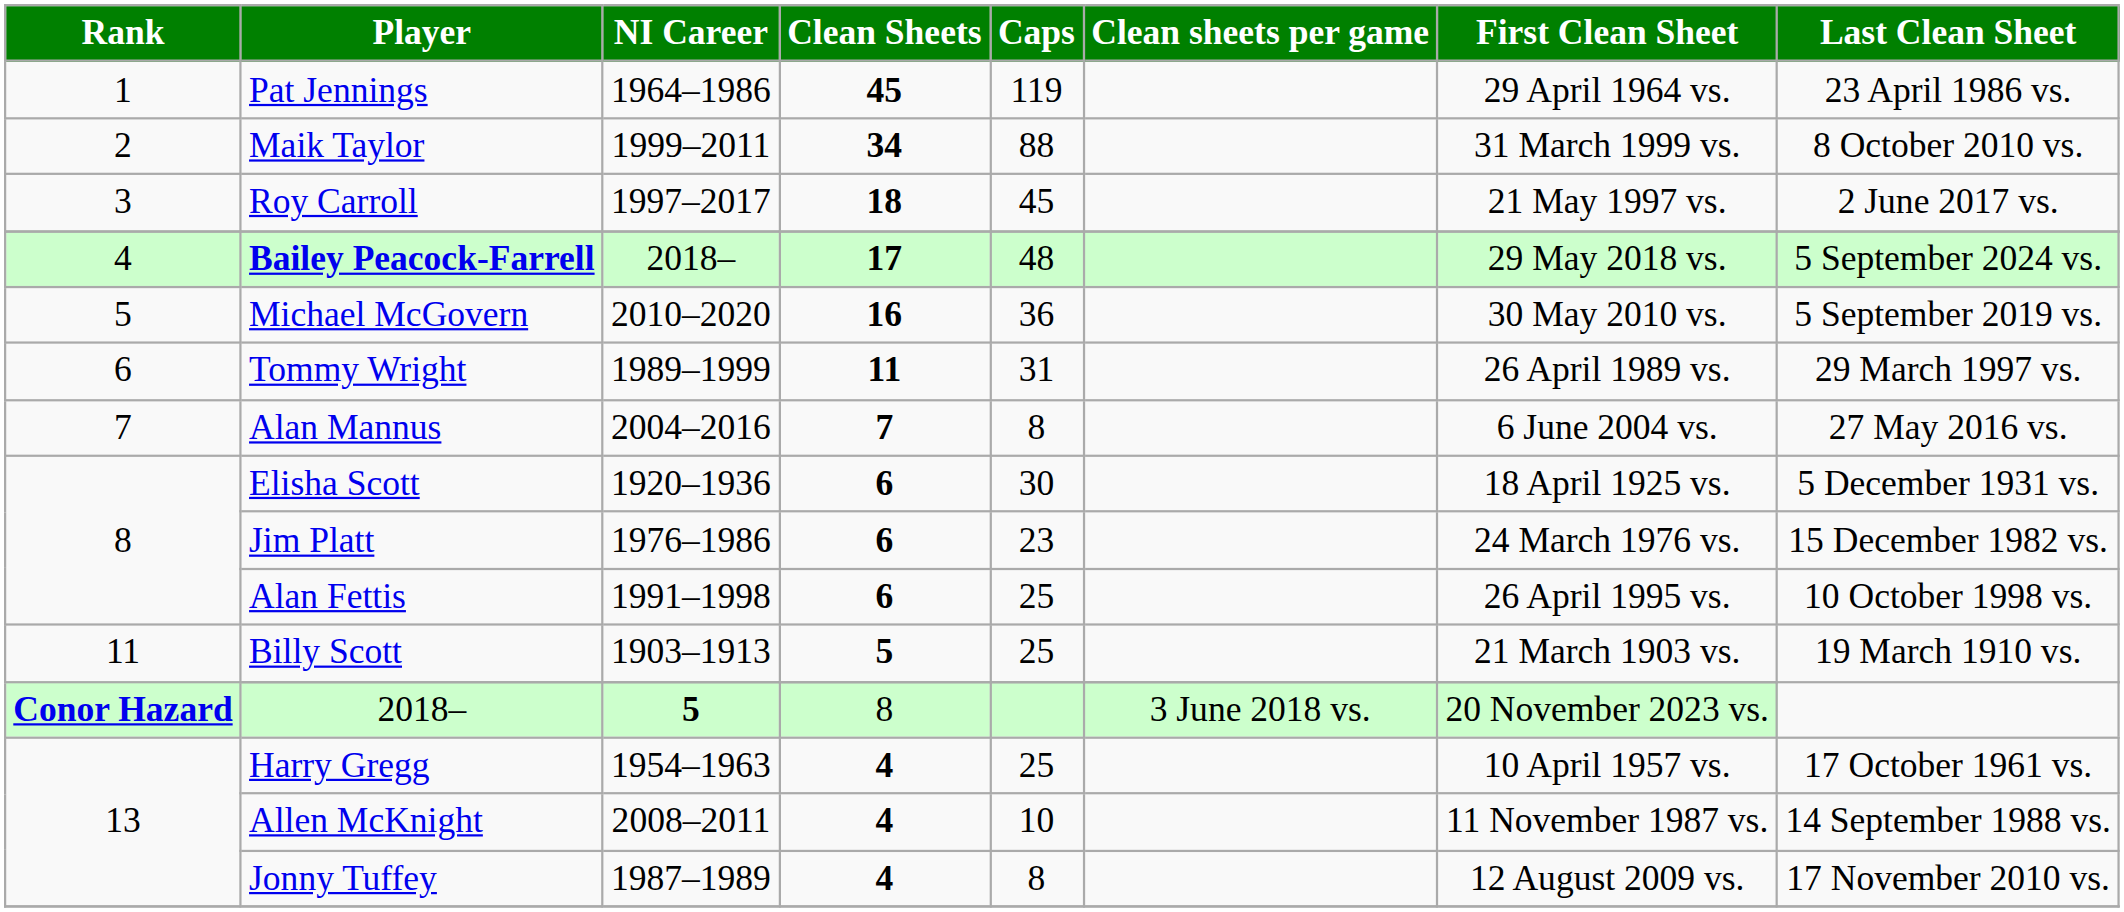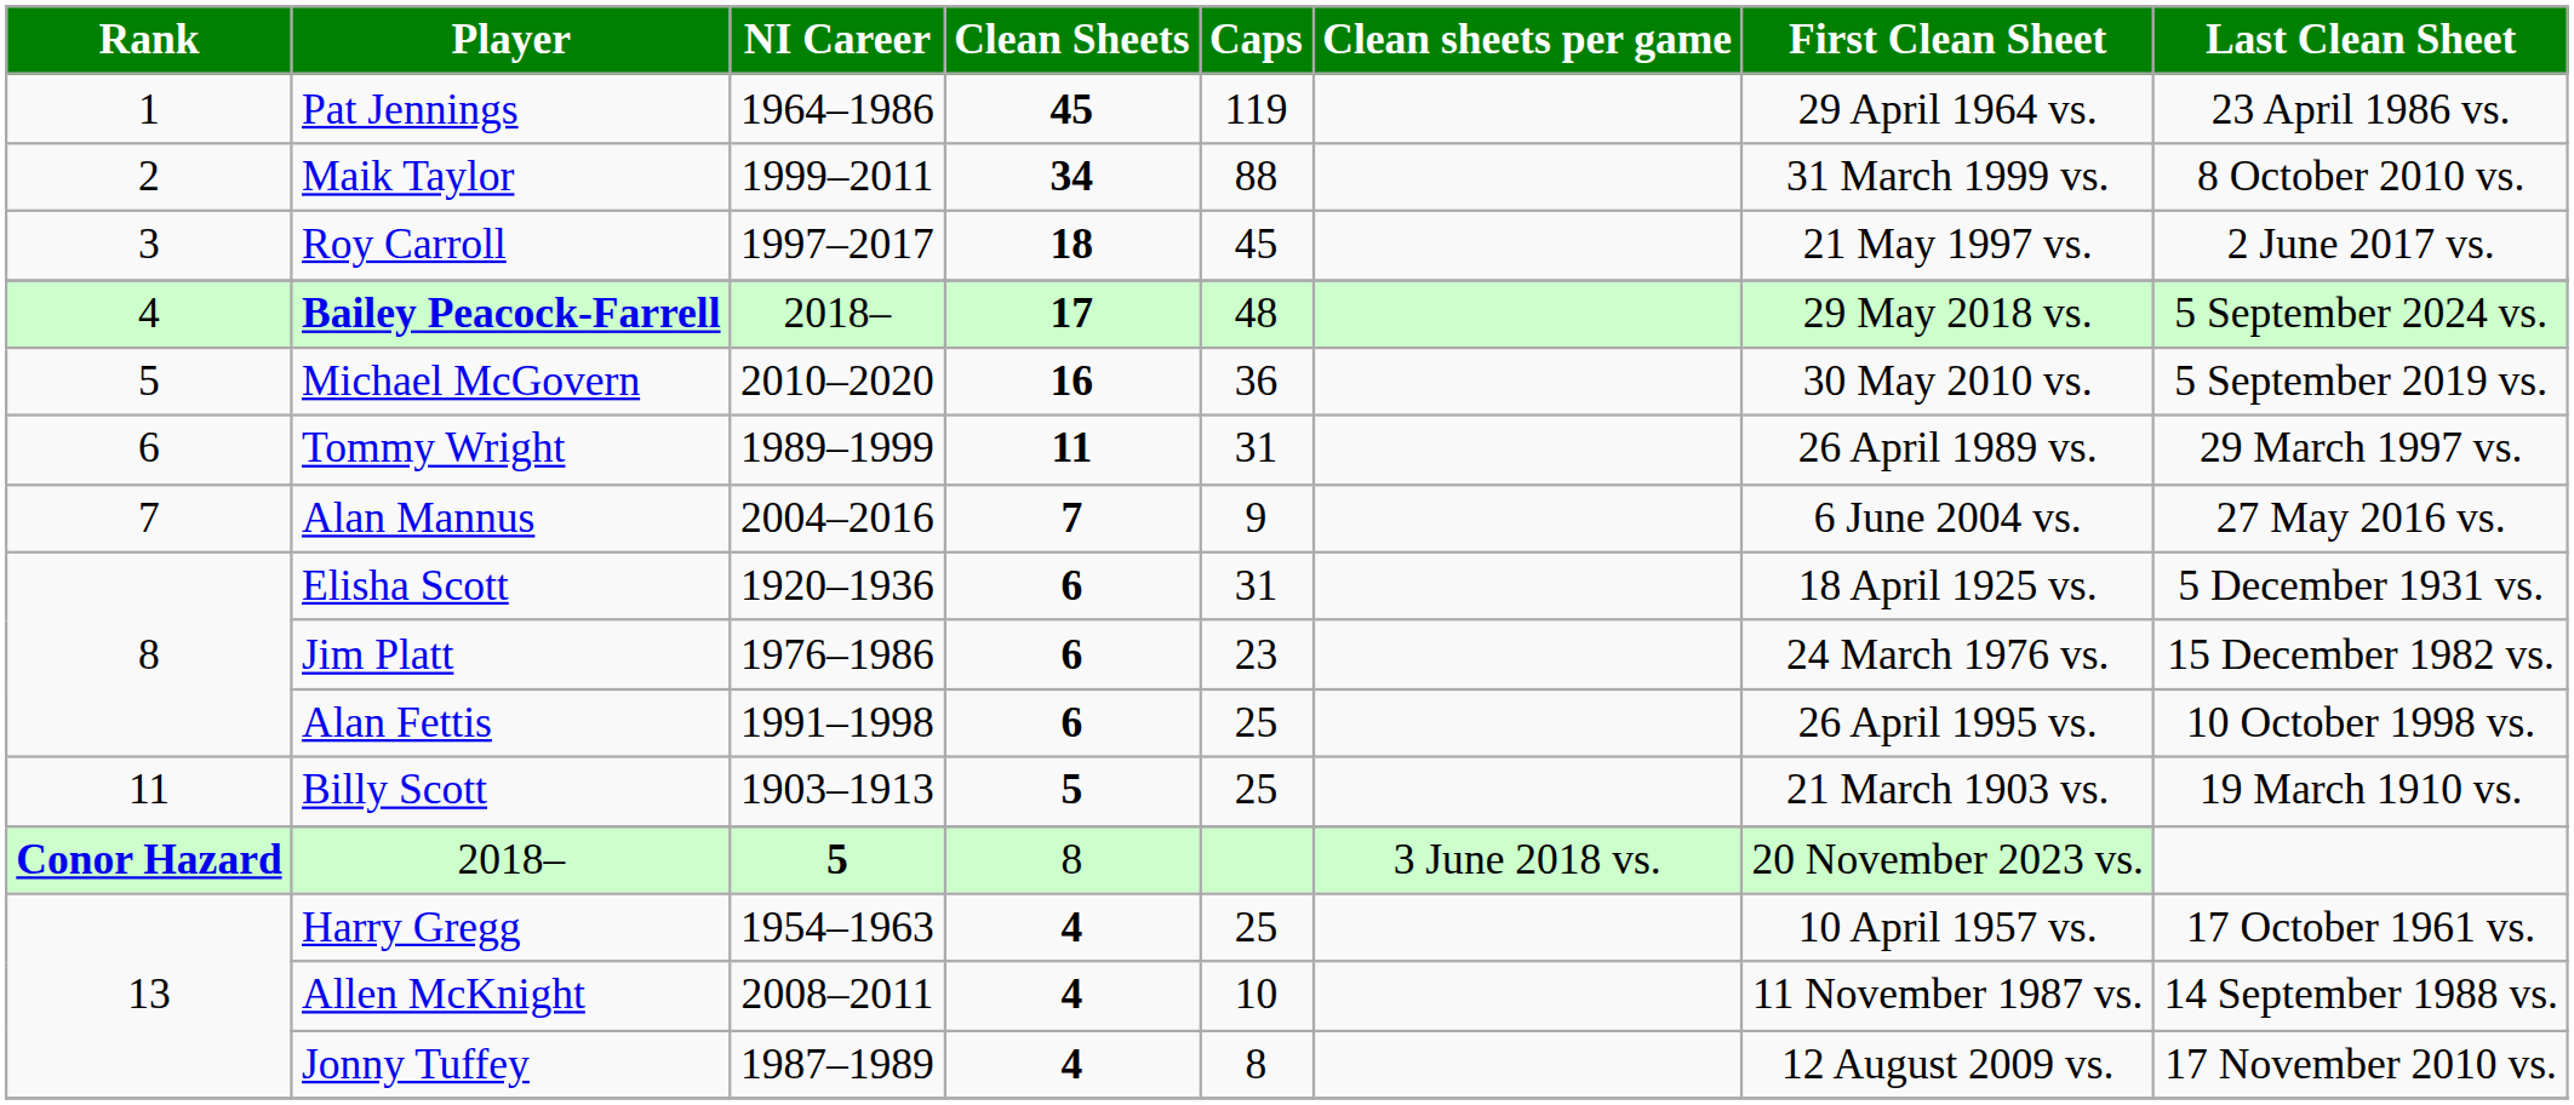 <table class="wikitable sortable" style="text-align:center;">
 <tr>
 <th style="background-color:#008000; color:white; ">Rank</th>
 <th style="background-color:#008000; color:white; ">Player</th>
 <th style="background-color:#008000; color:white; ">NI Career</th>
 <th style="background-color:#008000; color:white; ">Clean Sheets</th>
 <th style="background-color:#008000; color:white; ">Caps</th>
 <th style="background-color:#008000; color:white; ">Clean sheets per game</th>
 <th style="background-color:#008000; color:white; ">First Clean Sheet</th>
 <th style="background-color:#008000; color:white; ">Last Clean Sheet</th>
 </tr>
 <tr>
 <td>1</td>
 <td style="text-align:left;"><a href='#'>Pat Jennings</a></td>
 <td>1964–1986</td>
 <td><strong>45</strong></td>
 <td>119</td>
 <td></td>
 <td>29 April 1964 vs. </td>
 <td>23 April 1986 vs. </td>
 </tr>
 <tr>
 <td>2</td>
 <td style="text-align:left;"><a href='#'>Maik Taylor</a></td>
 <td>1999–2011</td>
 <td><strong>34</strong></td>
 <td>88</td>
 <td></td>
 <td>31 March 1999 vs. </td>
 <td>8 October 2010 vs. </td>
 </tr>
 <tr>
 <td>3</td>
 <td style="text-align:left;"><a href='#'>Roy Carroll</a></td>
 <td>1997–2017</td>
 <td><strong>18</strong></td>
 <td>45</td>
 <td></td>
 <td>21 May 1997 vs. </td>
 <td>2 June 2017 vs. </td>
 </tr>
 <tr>
 </tr>
 <tr style="background:#CFC;">
 <td>4</td>
 <td style="text-align:left;"><strong><a href='#'>Bailey Peacock-Farrell</a></strong></td>
 <td>2018–</td>
 <td><strong>17</strong></td>
 <td>48</td>
 <td></td>
 <td>29 May 2018 vs. </td>
 <td>5 September 2024 vs. </td>
 </tr>
 <tr>
 <td>5</td>
 <td style="text-align:left;"><a href='#'>Michael McGovern</a></td>
 <td>2010–2020</td>
 <td><strong>16</strong></td>
 <td>36</td>
 <td></td>
 <td>30 May 2010 vs. </td>
 <td>5 September 2019 vs. </td>
 </tr>
 <tr>
 <td>6</td>
 <td style="text-align:left;"><a href='#'>Tommy Wright</a></td>
 <td>1989–1999</td>
 <td><strong>11</strong></td>
 <td>31</td>
 <td></td>
 <td>26 April 1989 vs. </td>
 <td>29 March 1997 vs. </td>
 </tr>
 <tr>
 <td>7</td>
 <td style="text-align:left;"><a href='#'>Alan Mannus</a></td>
 <td>2004–2016</td>
 <td><strong>7</strong></td>
-<td>8</td>
+<td>9</td>
 <td></td>
 <td>6 June 2004 vs. </td>
 <td>27 May 2016 vs. </td>
 </tr>
 <tr>
 <td rowspan="3">8</td>
 <td style="text-align:left;"><a href='#'>Elisha Scott</a></td>
 <td>1920–1936</td>
 <td><strong>6</strong></td>
-<td>30</td>
+<td>31</td>
 <td></td>
 <td>18 April 1925 vs. </td>
 <td>5 December 1931 vs. </td>
 </tr>
 <tr>
 <td style="text-align:left;"><a href='#'>Jim Platt</a></td>
 <td>1976–1986</td>
 <td><strong>6</strong></td>
 <td>23</td>
 <td></td>
 <td>24 March 1976 vs. </td>
 <td>15 December 1982 vs. </td>
 </tr>
 <tr>
 <td style="text-align:left;"><a href='#'>Alan Fettis</a></td>
 <td>1991–1998</td>
 <td><strong>6</strong></td>
 <td>25</td>
 <td></td>
 <td>26 April 1995 vs. </td>
 <td>10 October 1998 vs. </td>
 </tr>
 <tr>
 <td rowspan="2">11</td>
 <td style="text-align:left;"><a href='#'>Billy Scott</a></td>
 <td>1903–1913</td>
 <td><strong>5</strong></td>
 <td>25</td>
 <td></td>
 <td>21 March 1903 vs. </td>
 <td>19 March 1910 vs. </td>
 </tr>
 <tr>
 </tr>
 <tr style="background:#CFC;">
 <td style="text-align:left;"><strong><a href='#'>Conor Hazard</a></strong></td>
 <td>2018–</td>
 <td><strong>5</strong></td>
 <td>8</td>
 <td></td>
 <td>3 June 2018 vs. </td>
 <td>20 November 2023 vs. </td>
 </tr>
 <tr>
 <td rowspan="3">13</td>
 <td style="text-align:left;"><a href='#'>Harry Gregg</a></td>
 <td>1954–1963</td>
 <td><strong>4</strong></td>
 <td>25</td>
 <td></td>
 <td>10 April 1957 vs. </td>
 <td>17 October 1961 vs. </td>
 </tr>
 <tr>
 <td style="text-align:left;"><a href='#'>Allen McKnight</a></td>
 <td>2008–2011</td>
 <td><strong>4</strong></td>
 <td>10</td>
 <td></td>
 <td>11 November 1987 vs. </td>
 <td>14 September 1988 vs. </td>
 </tr>
 <tr>
 <td style="text-align:left;"><a href='#'>Jonny Tuffey</a></td>
 <td>1987–1989</td>
 <td><strong>4</strong></td>
 <td>8</td>
 <td></td>
 <td>12 August 2009 vs. </td>
 <td>17 November 2010 vs. </td>
 </tr>
 <tr>
 </tr>
 </table>
